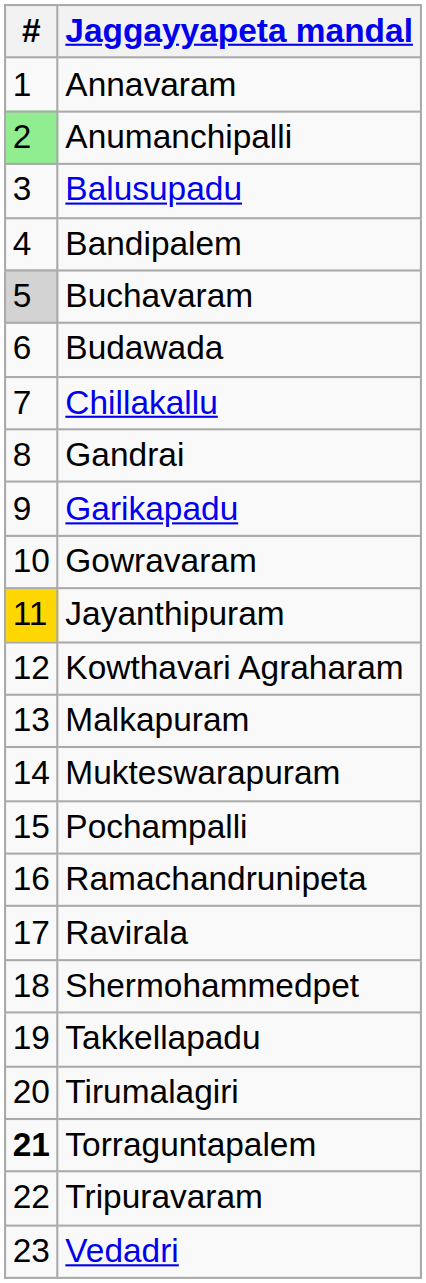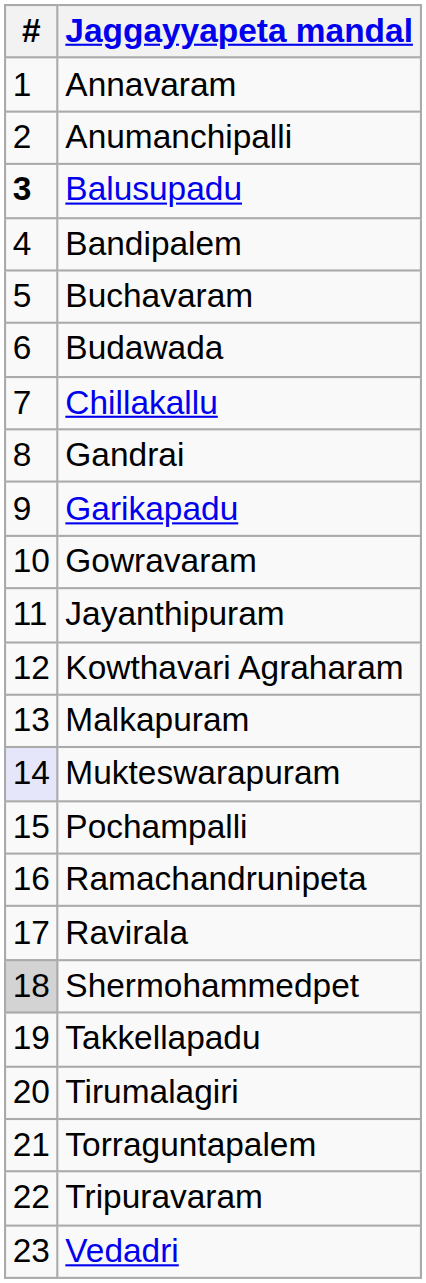 <table class="wikitable">
 <tr>
 <th>#</th>
 <th><a href='#'>Jaggayyapeta mandal</a></th>
 </tr>
 <tr>
 <td>1</td>
 <td>Annavaram</td>
 </tr>
 <tr>
-<td style="background: lightgreen;">2</td>
+<td>2</td>
 <td>Anumanchipalli</td>
 </tr>
 <tr>
-<td>3</td>
+<td><strong>3</strong></td>
 <td><a href='#'>Balusupadu</a></td>
 </tr>
 <tr>
 <td>4</td>
 <td>Bandipalem</td>
 </tr>
 <tr>
-<td style="background: lightgrey;">5</td>
+<td>5</td>
 <td>Buchavaram</td>
 </tr>
 <tr>
 <td>6</td>
 <td>Budawada</td>
 </tr>
 <tr>
 <td>7</td>
 <td><a href='#'>Chillakallu</a></td>
 </tr>
 <tr>
 <td>8</td>
 <td>Gandrai</td>
 </tr>
 <tr>
 <td>9</td>
 <td><a href='#'>Garikapadu</a></td>
 </tr>
 <tr>
 <td>10</td>
 <td>Gowravaram</td>
 </tr>
 <tr>
-<td style="background: gold;">11</td>
+<td>11</td>
 <td>Jayanthipuram<br></td>
 </tr>
 <tr>
 <td>12</td>
 <td>Kowthavari Agraharam</td>
 </tr>
 <tr>
 <td>13</td>
 <td>Malkapuram</td>
 </tr>
 <tr>
-<td>14</td>
+<td style="background: lavender;">14</td>
 <td>Mukteswarapuram</td>
 </tr>
 <tr>
 <td>15</td>
 <td>Pochampalli</td>
 </tr>
 <tr>
 <td>16</td>
 <td>Ramachandrunipeta</td>
 </tr>
 <tr>
 <td>17</td>
 <td>Ravirala</td>
 </tr>
 <tr>
-<td>18</td>
+<td style="background: lightgrey;">18</td>
 <td>Shermohammedpet</td>
 </tr>
 <tr>
 <td>19</td>
 <td>Takkellapadu</td>
 </tr>
 <tr>
 <td>20</td>
 <td>Tirumalagiri</td>
 </tr>
 <tr>
-<td><strong>21</strong></td>
+<td>21</td>
 <td>Torraguntapalem</td>
 </tr>
 <tr>
 <td>22</td>
 <td>Tripuravaram</td>
 </tr>
 <tr>
 <td>23</td>
 <td><a href='#'>Vedadri</a></td>
 </tr>
 </table>
